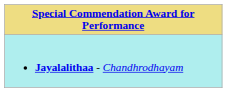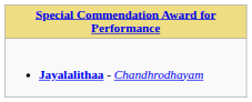 <table class="wikitable" width=50% |>
 <tr>
 <th !  style="background:#eedd82; text-align:center; width:50%;"><a href='#'>Special Commendation Award for Performance</a></th>
 </tr>
 <tr>
-<td valign="top" style="background: paleturquoise;"><br><ul><li><strong><a href='#'>Jayalalithaa</a></strong> - <em><a href='#'>Chandhrodhayam</a></em></li></ul></td>
+<td valign="top"><br><ul><li><strong><a href='#'>Jayalalithaa</a></strong> - <em><a href='#'>Chandhrodhayam</a></em></li></ul></td>
 </tr>
 </table>
